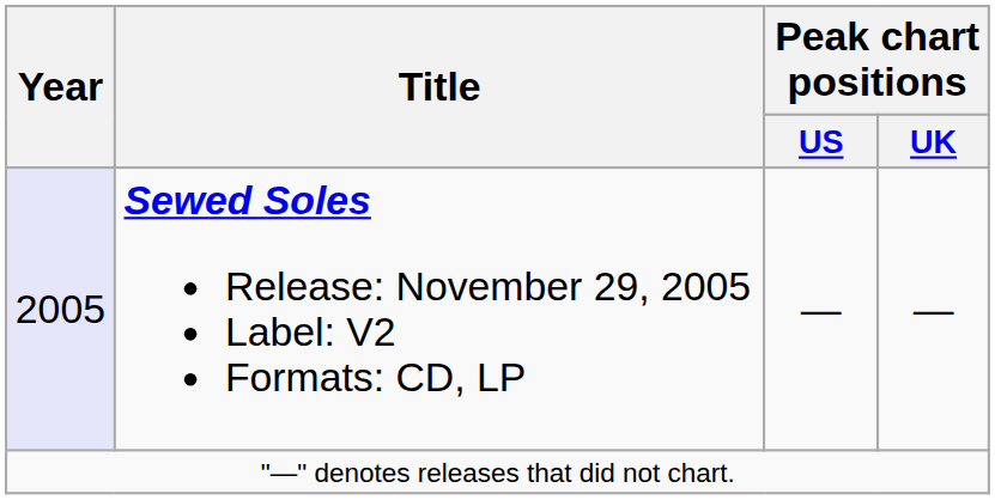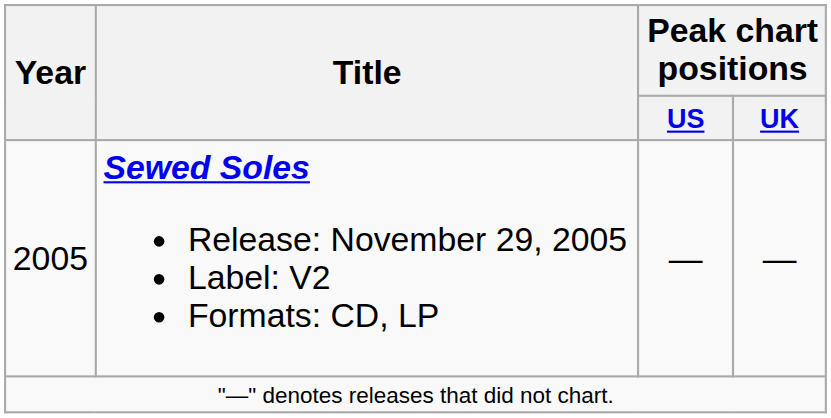 <table class="wikitable">
 <tr>
 <th rowspan="2">Year</th>
 <th rowspan="2" width="250">Title</th>
 <th colspan="2">Peak chart positions</th>
 </tr>
 <tr>
 <th style="width:3em;font-size:80%"><a href='#'>US</a><br></th>
 <th style="width:3em;font-size:80%"><a href='#'>UK</a><br></th>
 </tr>
 <tr>
-<td rowspan="1" align="center" style="background: lavender;">2005</td>
+<td rowspan="1" align="center">2005</td>
 <td><strong><em><a href='#'>Sewed Soles</a></em></strong><br><ul><li>Release: November 29, 2005</li><li>Label: V2</li><li>Formats: CD, LP</li></ul></td>
 <td align="center">—</td>
 <td align="center">—</td>
 </tr>
 <tr>
 <td align="center" colspan="30" style="font-size: 8pt">"—" denotes releases that did not chart.</td>
 </tr>
 </table>
